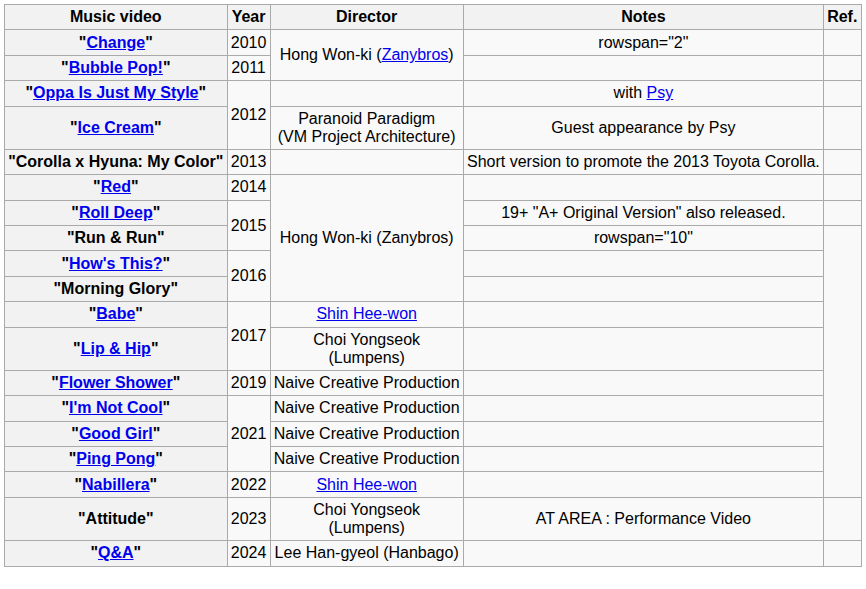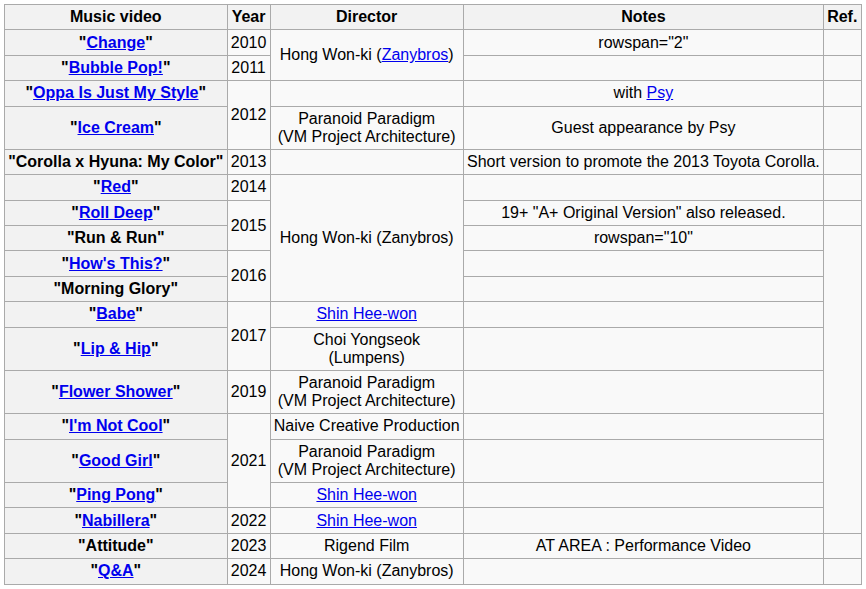 <table class="wikitable plainrowheaders" style="text-align:center;">
 <tr>
 <th>Music video</th>
 <th>Year</th>
 <th>Director</th>
 <th>Notes</th>
 <th scope="col">Ref.</th>
 </tr>
 <tr>
 <th scope="row">"<a href='#'>Change</a>"</th>
 <td>2010</td>
 <td rowspan="2">Hong Won-ki (<a href='#'>Zanybros</a>)</td>
 <td>rowspan="2" </td>
 <td></td>
 </tr>
 <tr>
 <th scope="row">"<a href='#'>Bubble Pop!</a>"</th>
 <td>2011</td>
 <td></td>
 </tr>
 <tr>
 <th scope="row">"<a href='#'>Oppa Is Just My Style</a>"</th>
 <td rowspan="2">2012</td>
 <td></td>
 <td>with <a href='#'>Psy</a></td>
 <td></td>
 </tr>
 <tr>
 <th scope="row">"<a href='#'>Ice Cream</a>"</th>
 <td>Paranoid Paradigm<br>(VM Project Architecture)</td>
 <td>Guest appearance by Psy</td>
 <td></td>
 </tr>
 <tr>
 <th scope="row">"Corolla x Hyuna: My Color"</th>
 <td>2013</td>
 <td></td>
 <td>Short version to promote the 2013 Toyota Corolla.</td>
 <td></td>
 </tr>
 <tr>
 <th scope="row">"<a href='#'>Red</a>"</th>
 <td>2014</td>
 <td rowspan="5">Hong Won-ki (Zanybros)</td>
 <td></td>
 <td></td>
 </tr>
 <tr>
 <th scope="row">"<a href='#'>Roll Deep</a>"</th>
 <td rowspan="2">2015</td>
 <td>19+ "A+ Original Version" also released.</td>
 <td></td>
 </tr>
 <tr>
 <th scope="row">"Run & Run"</th>
 <td>rowspan="10" </td>
 </tr>
 <tr>
 <th scope="row">"<a href='#'>How's This?</a>"</th>
 <td rowspan="2">2016</td>
 <td></td>
 </tr>
 <tr>
 <th scope="row">"Morning Glory"</th>
 <td></td>
 </tr>
 <tr>
 <th scope="row">"<a href='#'>Babe</a>"</th>
 <td rowspan="2">2017</td>
 <td><a href='#'>Shin Hee-won</a></td>
 <td></td>
 </tr>
 <tr>
 <th scope="row">"<a href='#'>Lip & Hip</a>"</th>
 <td>Choi Yongseok<br>(Lumpens)</td>
 <td></td>
 </tr>
 <tr>
 <th scope="row">"<a href='#'>Flower Shower</a>"</th>
 <td>2019</td>
-<td>Naive Creative Production</td>
+<td>Paranoid Paradigm<br>(VM Project Architecture)</td>
 <td></td>
 </tr>
 <tr>
 <th scope="row">"<a href='#'>I'm Not Cool</a>"</th>
 <td rowspan="3">2021</td>
 <td>Naive Creative Production</td>
 <td></td>
 </tr>
 <tr>
 <th scope="row">"<a href='#'>Good Girl</a>"</th>
-<td>Naive Creative Production</td>
+<td>Paranoid Paradigm<br>(VM Project Architecture)</td>
 <td></td>
 </tr>
 <tr>
 <th scope="row">"<a href='#'>Ping Pong</a>"</th>
-<td>Naive Creative Production</td>
+<td><a href='#'>Shin Hee-won</a></td>
 <td></td>
 </tr>
 <tr>
 <th scope="row">"<a href='#'>Nabillera</a>"</th>
 <td>2022</td>
 <td><a href='#'>Shin Hee-won</a></td>
 <td></td>
 </tr>
 <tr>
 <th scope="row">"Attitude"</th>
 <td>2023</td>
-<td>Choi Yongseok<br>(Lumpens)</td>
+<td>Rigend Film</td>
 <td>AT AREA : Performance Video</td>
 <td></td>
 </tr>
 <tr>
 <th scope="row">"<a href='#'>Q&A</a>"</th>
 <td>2024</td>
-<td>Lee Han-gyeol (Hanbago)</td>
+<td>Hong Won-ki (Zanybros)</td>
 <td></td>
 <td></td>
 </tr>
 </table>
